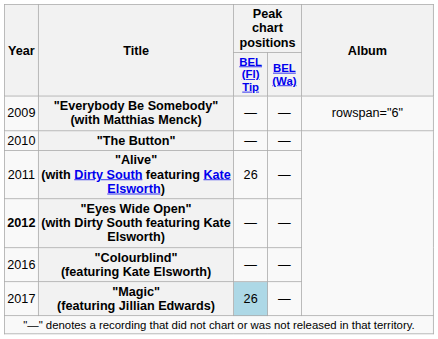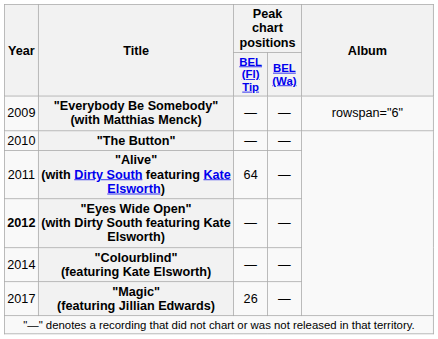 <table class="wikitable plainrowheaders" style="text-align:center;">
 <tr>
 <th scope="col" rowspan="2" style="width:1em;">Year</th>
 <th scope="col" rowspan="2" style="width:15em;">Title</th>
 <th scope="col" colspan="2">Peak chart positions</th>
 <th scope="col" rowspan="2" style="width:10em;">Album</th>
 </tr>
 <tr>
 <th scope="col" style="width:2.5em;font-size:90%;"><a href='#'>BEL (Fl)<br>Tip</a><br></th>
 <th scope="col" style="width:2.5em;font-size:90%;"><a href='#'>BEL (Wa)</a><br></th>
 </tr>
 <tr>
 <td>2009</td>
 <th scope="row">"Everybody Be Somebody"<br><span>(with Matthias Menck)</span></th>
 <td>—</td>
 <td>—</td>
 <td>rowspan="6" </td>
 </tr>
 <tr>
 <td>2010</td>
 <th scope="row">"The Button"</th>
 <td>—</td>
 <td>—</td>
 </tr>
 <tr>
 <td>2011</td>
 <th scope="row">"Alive" <br><span>(with <a href='#'>Dirty South</a> featuring <a href='#'>Kate Elsworth</a>)</span></th>
-<td>26</td>
+<td>64</td>
 <td>—</td>
 </tr>
 <tr>
 <td><strong>2012</strong></td>
 <th scope="row">"Eyes Wide Open" <br><span>(with Dirty South featuring Kate Elsworth)</span></th>
 <td>—</td>
 <td>—</td>
 </tr>
 <tr>
-<td>2016</td>
+<td>2014</td>
 <th scope="row">"Colourblind" <br><span>(featuring Kate Elsworth)</span></th>
 <td>—</td>
 <td>—</td>
 </tr>
 <tr>
 <td>2017</td>
 <th scope="row">"Magic" <br><span>(featuring Jillian Edwards)</span></th>
-<td style="background: lightblue;">26</td>
+<td>26</td>
 <td>—</td>
 </tr>
 <tr>
 <td colspan="16" style="font-size:90%">"—" denotes a recording that did not chart or was not released in that territory.</td>
 </tr>
 </table>
